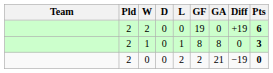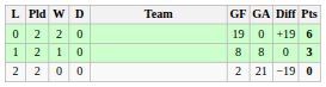 <table class="wikitable" style="text-align: center;">
 <tr>
-<th width=175>Team</th>
+<th width=20>L</th>
 <th width=20>Pld</th>
 <th width=20>W</th>
 <th width=20>D</th>
-<th width=20>L</th>
+<th width=175>Team</th>
 <th width=20>GF</th>
 <th width=20>GA</th>
 <th width=20>Diff</th>
 <th width=20>Pts</th>
 </tr>
 <tr bgcolor=ccffcc>
-<td align=left></td>
+<td>0</td>
 <td>2</td>
 <td>2</td>
 <td>0</td>
-<td>0</td>
+<td align=left></td>
 <td>19</td>
 <td>0</td>
 <td>+19</td>
 <td><strong>6</strong></td>
 </tr>
 <tr bgcolor=ccffcc>
-<td align=left></td>
+<td>1</td>
 <td>2</td>
 <td>1</td>
 <td>0</td>
-<td>1</td>
+<td align=left></td>
 <td>8</td>
 <td>8</td>
 <td>0</td>
 <td><strong>3</strong></td>
 </tr>
 <tr>
-<td align=left></td>
+<td>2</td>
 <td>2</td>
 <td>0</td>
 <td>0</td>
-<td>2</td>
+<td align=left></td>
 <td>2</td>
 <td>21</td>
 <td>−19</td>
 <td><strong>0</strong></td>
 </tr>
 </table>
